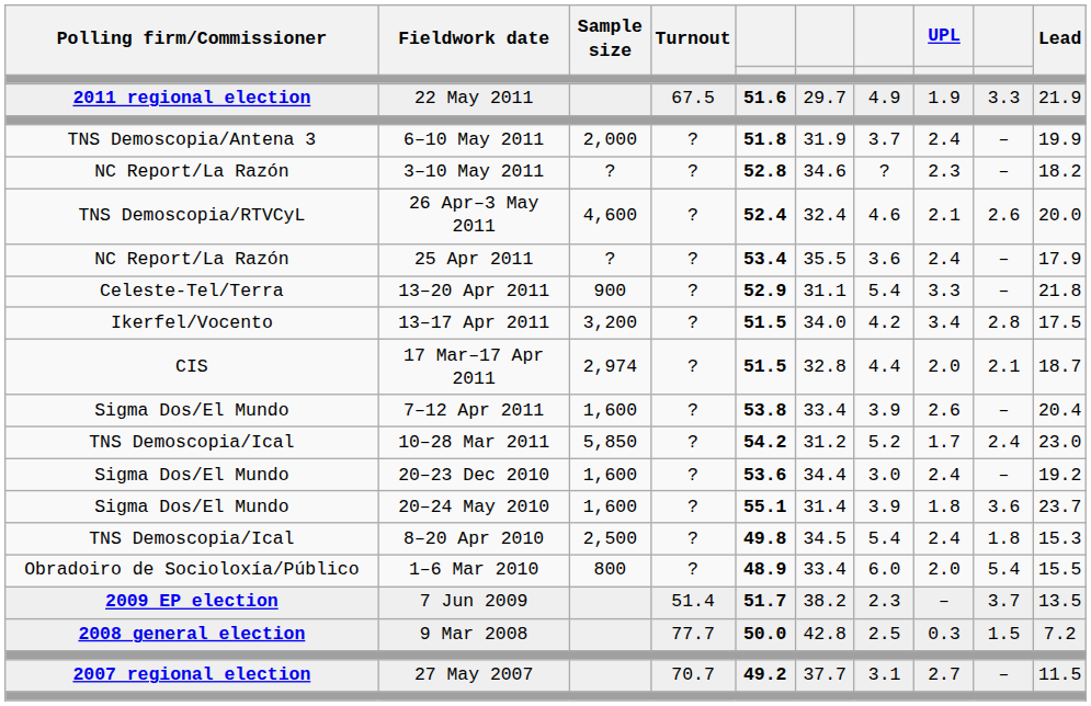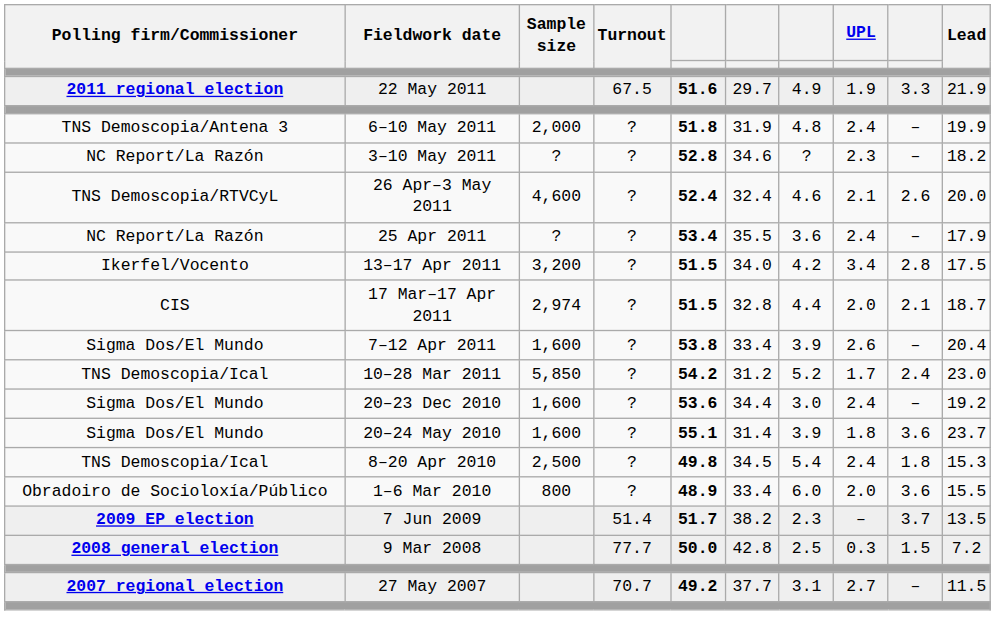 <table class="wikitable collapsible collapsed" style="text-align:center; font-size:95%; line-height:16px;">
 <tr style="height:42px;">
 <th style="width:250px;" rowspan="2">Polling firm/Commissioner</th>
 <th style="width:125px;" rowspan="2">Fieldwork date</th>
 <th style="width:50px;" rowspan="2">Sample size</th>
 <th style="width:45px;" rowspan="2">Turnout</th>
 <th style="width:35px;"></th>
 <th style="width:35px;"></th>
 <th style="width:35px;"></th>
 <th style="width:35px;"><a href='#'>UPL</a></th>
 <th style="width:35px;"></th>
 <th style="width:30px;" rowspan="2">Lead</th>
 </tr>
 <tr>
 <th style="color:inherit;background:"></th>
 <th style="color:inherit;background:"></th>
 <th style="color:inherit;background:"></th>
 <th style="color:inherit;background:"></th>
 <th style="color:inherit;background:"></th>
 </tr>
 <tr>
 <td colspan="10" style="background:#A0A0A0"></td>
 </tr>
 <tr style="background:#EFEFEF;">
 <td><strong><a href='#'>2011 regional election</a></strong></td>
 <td>22 May 2011</td>
 <td></td>
 <td>67.5</td>
 <td><strong>51.6</strong><br></td>
 <td>29.7<br></td>
 <td>4.9<br></td>
 <td>1.9<br></td>
 <td>3.3<br></td>
 <td style="background:">21.9</td>
 </tr>
 <tr>
 <td colspan="10" style="background:#A0A0A0"></td>
 </tr>
 <tr>
 <td>TNS Demoscopia/Antena 3</td>
 <td>6–10 May 2011</td>
 <td>2,000</td>
 <td>?</td>
 <td><strong>51.8</strong><br></td>
 <td>31.9<br></td>
-<td>3.7<br></td>
+<td>4.8<br></td>
 <td>2.4<br></td>
 <td>–</td>
 <td style="background:">19.9</td>
 </tr>
 <tr>
 <td>NC Report/La Razón</td>
 <td>3–10 May 2011</td>
 <td>?</td>
 <td>?</td>
 <td><strong>52.8</strong><br></td>
 <td>34.6<br></td>
 <td>?<br></td>
 <td>2.3<br></td>
 <td>–</td>
 <td style="background:">18.2</td>
 </tr>
 <tr>
 <td>TNS Demoscopia/RTVCyL</td>
 <td>26 Apr–3 May 2011</td>
 <td>4,600</td>
 <td>?</td>
 <td><strong>52.4</strong><br></td>
 <td>32.4<br></td>
 <td>4.6<br></td>
 <td>2.1<br></td>
 <td>2.6<br></td>
 <td style="background:">20.0</td>
 </tr>
 <tr>
 <td>NC Report/La Razón</td>
 <td>25 Apr 2011</td>
 <td>?</td>
 <td>?</td>
 <td><strong>53.4</strong><br></td>
 <td>35.5<br></td>
 <td>3.6<br></td>
 <td>2.4<br></td>
 <td>–</td>
 <td style="background:">17.9</td>
-</tr>
-<tr>
-<td>Celeste-Tel/Terra</td>
-<td>13–20 Apr 2011</td>
-<td>900</td>
-<td>?</td>
-<td><strong>52.9</strong><br></td>
-<td>31.1<br></td>
-<td>5.4<br></td>
-<td>3.3<br></td>
-<td>–</td>
-<td style="background:">21.8</td>
 </tr>
 <tr>
 <td>Ikerfel/Vocento</td>
 <td>13–17 Apr 2011</td>
 <td>3,200</td>
 <td>?</td>
 <td><strong>51.5</strong><br></td>
 <td>34.0<br></td>
 <td>4.2<br></td>
 <td>3.4<br></td>
 <td>2.8<br></td>
 <td style="background:">17.5</td>
 </tr>
 <tr>
 <td>CIS</td>
 <td>17 Mar–17 Apr 2011</td>
 <td>2,974</td>
 <td>?</td>
 <td><strong>51.5</strong><br></td>
 <td>32.8<br></td>
 <td>4.4<br></td>
 <td>2.0<br></td>
 <td>2.1<br></td>
 <td style="background:">18.7</td>
 </tr>
 <tr>
 <td>Sigma Dos/El Mundo</td>
 <td>7–12 Apr 2011</td>
 <td>1,600</td>
 <td>?</td>
 <td><strong>53.8</strong><br></td>
 <td>33.4<br></td>
 <td>3.9<br></td>
 <td>2.6<br></td>
 <td>–</td>
 <td style="background:">20.4</td>
 </tr>
 <tr>
 <td>TNS Demoscopia/Ical</td>
 <td>10–28 Mar 2011</td>
 <td>5,850</td>
 <td>?</td>
 <td><strong>54.2</strong><br></td>
 <td>31.2<br></td>
 <td>5.2<br></td>
 <td>1.7<br></td>
 <td>2.4<br></td>
 <td style="background:">23.0</td>
 </tr>
 <tr>
 <td>Sigma Dos/El Mundo</td>
 <td>20–23 Dec 2010</td>
 <td>1,600</td>
 <td>?</td>
 <td><strong>53.6</strong><br></td>
 <td>34.4<br></td>
 <td>3.0<br></td>
 <td>2.4<br></td>
 <td>–</td>
 <td style="background:">19.2</td>
 </tr>
 <tr>
 <td>Sigma Dos/El Mundo</td>
 <td>20–24 May 2010</td>
 <td>1,600</td>
 <td>?</td>
 <td><strong>55.1</strong><br></td>
 <td>31.4<br></td>
 <td>3.9<br></td>
 <td>1.8<br></td>
 <td>3.6<br></td>
 <td style="background:">23.7</td>
 </tr>
 <tr>
 <td>TNS Demoscopia/Ical</td>
 <td>8–20 Apr 2010</td>
 <td>2,500</td>
 <td>?</td>
 <td><strong>49.8</strong><br></td>
 <td>34.5<br></td>
 <td>5.4<br></td>
 <td>2.4<br></td>
 <td>1.8<br></td>
 <td style="background:">15.3</td>
 </tr>
 <tr>
 <td>Obradoiro de Socioloxía/Público</td>
 <td>1–6 Mar 2010</td>
 <td>800</td>
 <td>?</td>
 <td><strong>48.9</strong><br></td>
 <td>33.4<br></td>
 <td>6.0<br></td>
 <td>2.0<br></td>
-<td>5.4<br></td>
+<td>3.6<br></td>
 <td style="background:">15.5</td>
 </tr>
 <tr style="background:#EFEFEF;">
 <td><strong><a href='#'>2009 EP election</a></strong></td>
 <td>7 Jun 2009</td>
 <td></td>
 <td>51.4</td>
 <td><strong>51.7</strong><br></td>
 <td>38.2<br></td>
 <td>2.3<br></td>
 <td>–</td>
 <td>3.7<br></td>
 <td style="background:">13.5</td>
 </tr>
 <tr style="background:#EFEFEF;">
 <td><strong><a href='#'>2008 general election</a></strong></td>
 <td>9 Mar 2008</td>
 <td></td>
 <td>77.7</td>
 <td><strong>50.0</strong><br></td>
 <td>42.8<br></td>
 <td>2.5<br></td>
 <td>0.3<br></td>
 <td>1.5<br></td>
 <td style="background:">7.2</td>
 </tr>
 <tr>
 <td colspan="10" style="background:#A0A0A0"></td>
 </tr>
 <tr style="background:#EFEFEF;">
 <td><strong><a href='#'>2007 regional election</a></strong></td>
 <td>27 May 2007</td>
 <td></td>
 <td>70.7</td>
 <td><strong>49.2</strong><br></td>
 <td>37.7<br></td>
 <td>3.1<br></td>
 <td>2.7<br></td>
 <td>–</td>
 <td style="background:">11.5</td>
 </tr>
 <tr>
 <td colspan="10" style="background:#A0A0A0"></td>
 </tr>
 </table>
